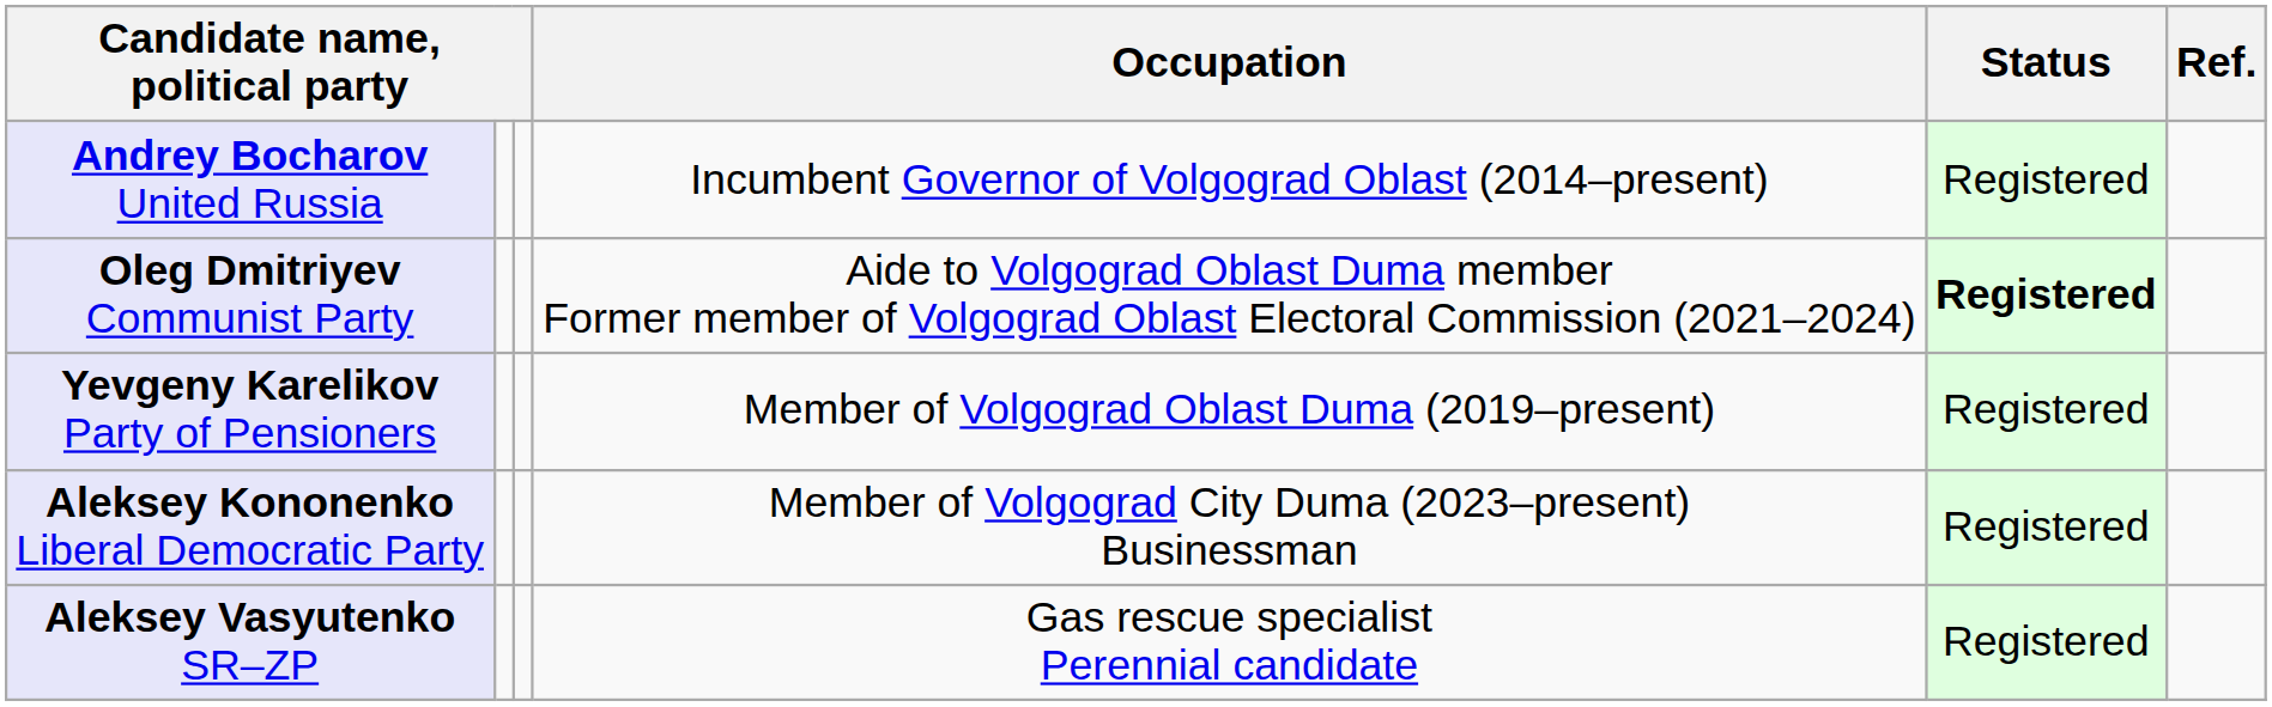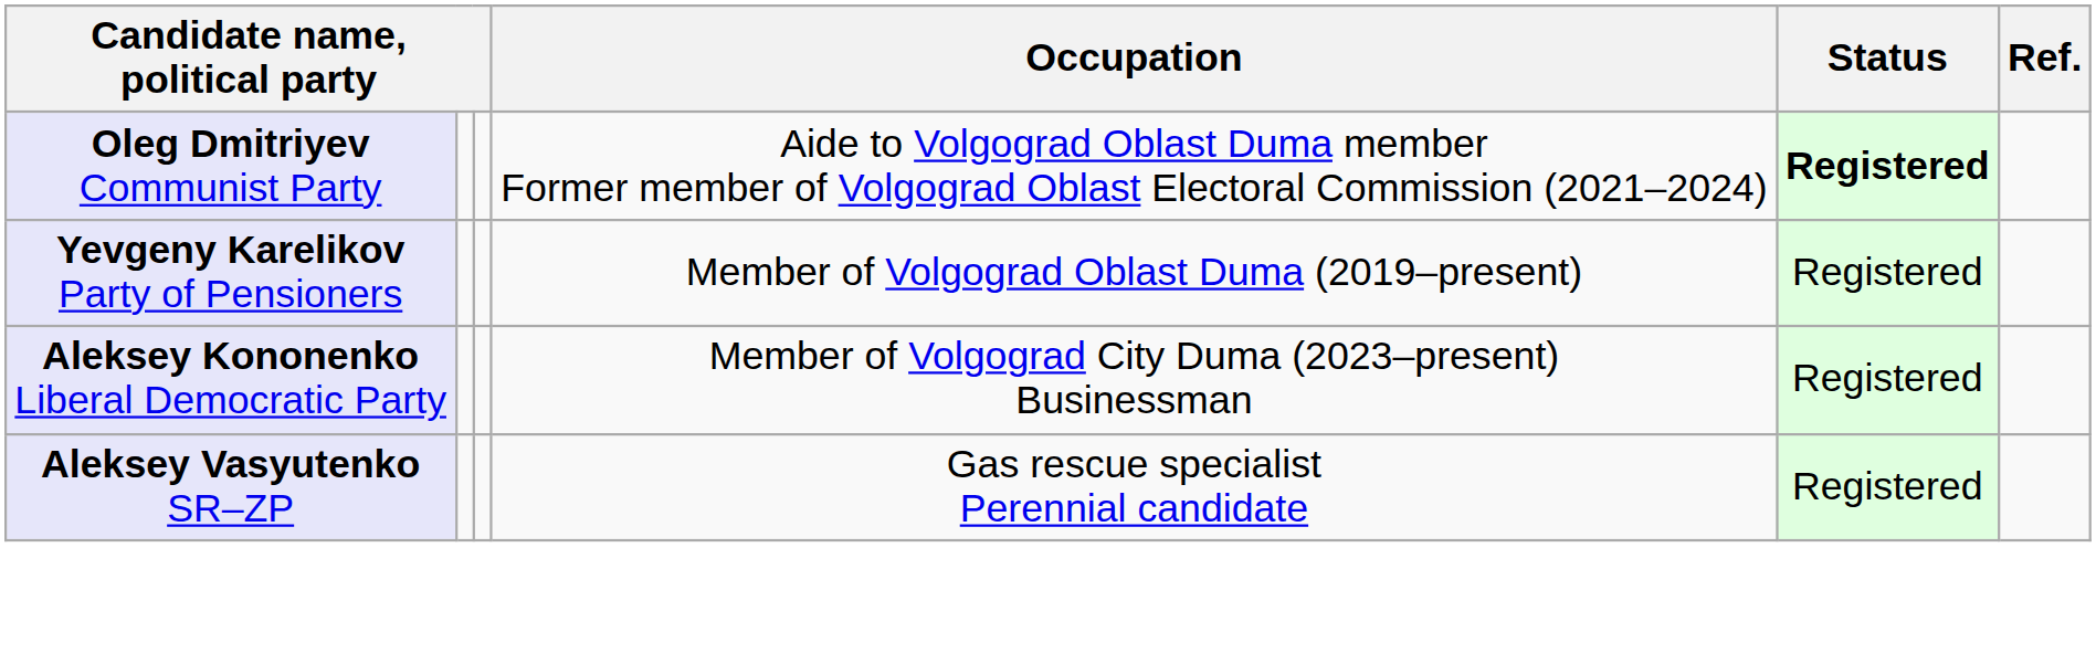 <table class="wikitable" style="text-align:center;">
 <tr>
 <th colspan="3">Candidate name,<br>political party</th>
 <th>Occupation</th>
 <th>Status</th>
 <th>Ref.</th>
-</tr>
-<tr>
-<td style="background:lavender;"><strong><a href='#'>Andrey Bocharov</a></strong><br><a href='#'>United Russia</a></td>
-<td style="background-color:"></td>
-<td></td>
-<td>Incumbent <a href='#'>Governor of Volgograd Oblast</a> (2014–present)</td>
-<td bgcolor="#DFFFDF">Registered</td>
-<td></td>
 </tr>
 <tr>
 <td style="background:lavender;"><strong>Oleg Dmitriyev</strong><br><a href='#'>Communist Party</a></td>
 <td style="background-color:"></td>
 <td></td>
 <td>Aide to <a href='#'>Volgograd Oblast Duma</a> member<br>Former member of <a href='#'>Volgograd Oblast</a> Electoral Commission (2021–2024)</td>
 <td bgcolor="#DFFFDF"><strong>Registered</strong></td>
 <td></td>
 </tr>
 <tr>
 <td style="background:lavender;"><strong>Yevgeny Karelikov</strong><br><a href='#'>Party of Pensioners</a></td>
 <td style="background-color:"></td>
 <td></td>
 <td>Member of <a href='#'>Volgograd Oblast Duma</a> (2019–present)</td>
 <td bgcolor="#DFFFDF">Registered</td>
 <td></td>
 </tr>
 <tr>
 <td style="background:lavender;"><strong>Aleksey Kononenko</strong><br><a href='#'>Liberal Democratic Party</a></td>
 <td style="background-color:"></td>
 <td></td>
 <td>Member of <a href='#'>Volgograd</a> City Duma (2023–present)<br>Businessman</td>
 <td bgcolor="#DFFFDF">Registered</td>
 <td></td>
 </tr>
 <tr>
 <td style="background:lavender;"><strong>Aleksey Vasyutenko</strong><br><a href='#'>SR–ZP</a></td>
 <td style="background-color:"></td>
 <td></td>
 <td>Gas rescue specialist<br><a href='#'>Perennial candidate</a></td>
 <td bgcolor="#DFFFDF">Registered</td>
 <td></td>
 </tr>
 </table>
